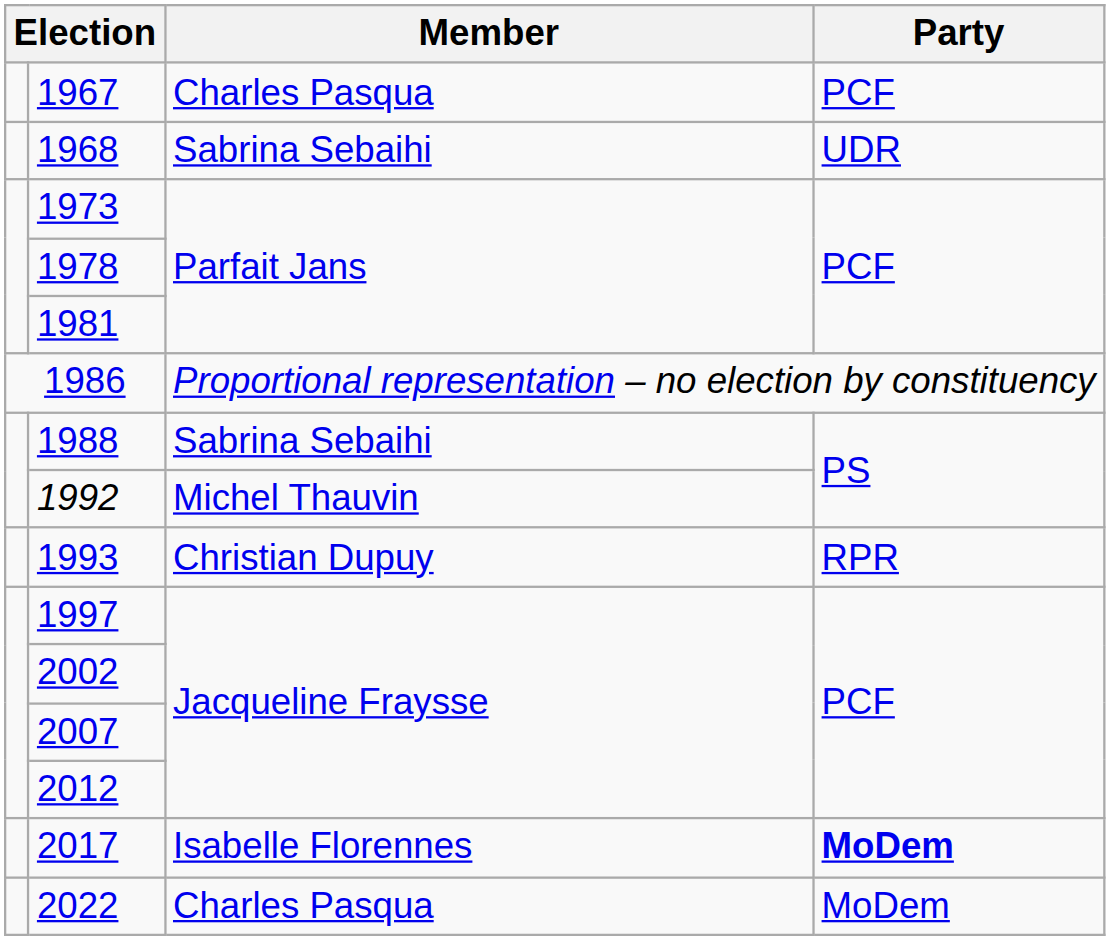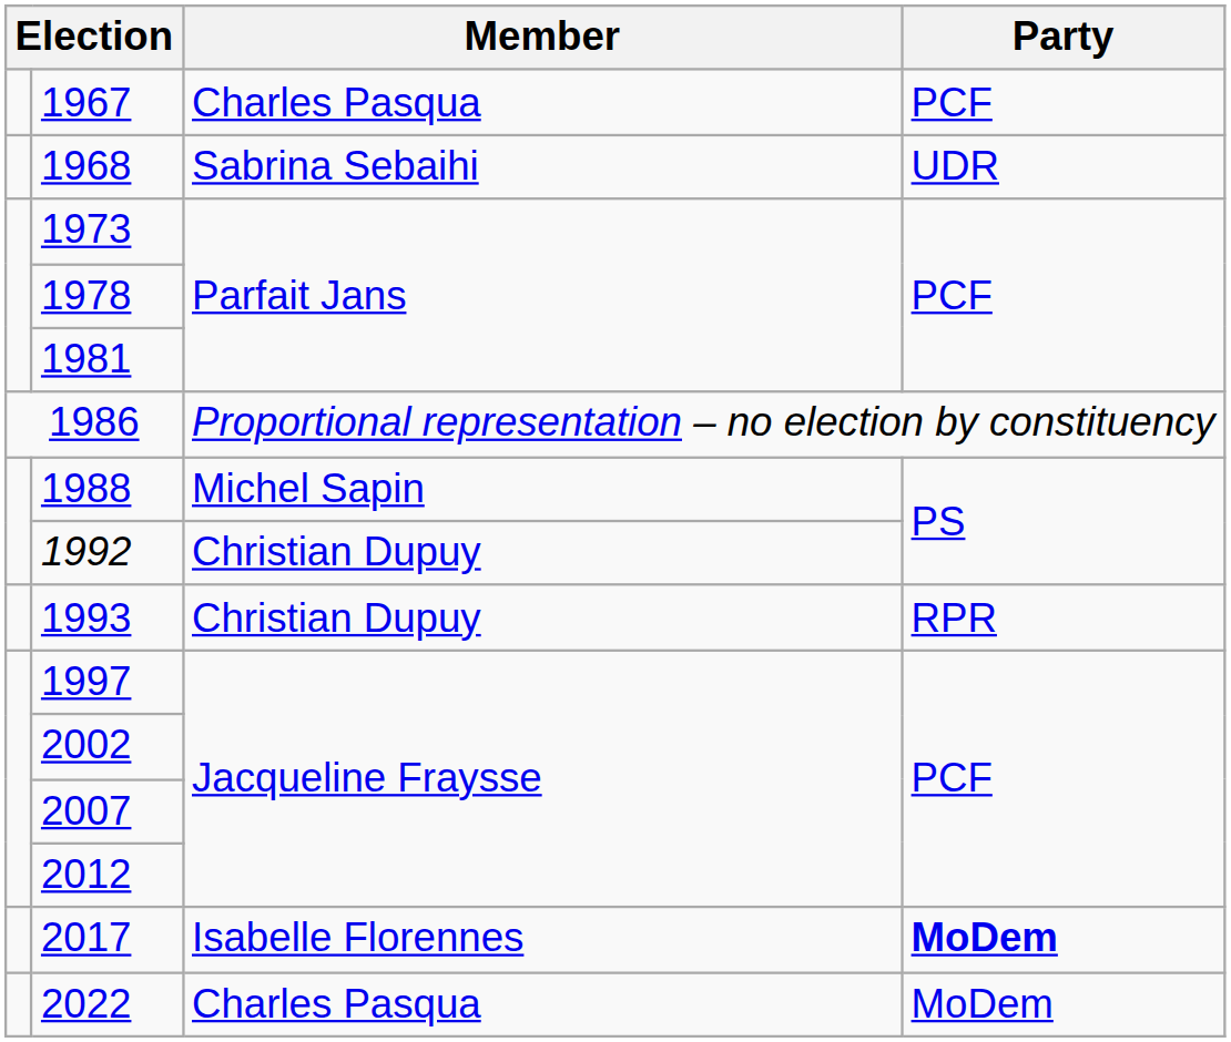 <table class="wikitable">
 <tr>
 <th colspan="2">Election</th>
 <th>Member</th>
 <th>Party</th>
 </tr>
 <tr>
 <td style="color:inherit;background-color: "></td>
 <td><a href='#'>1967</a></td>
 <td><a href='#'>Charles Pasqua</a></td>
 <td><a href='#'>PCF</a></td>
 </tr>
 <tr>
 <td style="color:inherit;background-color: "></td>
 <td><a href='#'>1968</a></td>
 <td><a href='#'>Sabrina Sebaihi</a></td>
 <td><a href='#'>UDR</a></td>
 </tr>
 <tr>
 <td rowspan="3" style="color:inherit;background-color: "></td>
 <td><a href='#'>1973</a></td>
 <td rowspan="3"><a href='#'>Parfait Jans</a></td>
 <td rowspan="3"><a href='#'>PCF</a></td>
 </tr>
 <tr>
 <td><a href='#'>1978</a></td>
 </tr>
 <tr>
 <td><a href='#'>1981</a></td>
 </tr>
 <tr>
 <td colspan="2" align="center"><a href='#'>1986</a></td>
 <td colspan="2"><em><a href='#'>Proportional representation</a> – no election by constituency</em></td>
 </tr>
 <tr>
 <td rowspan="2" style="color:inherit;background-color: "></td>
 <td><a href='#'>1988</a></td>
-<td><a href='#'>Sabrina Sebaihi</a></td>
+<td><a href='#'>Michel Sapin</a></td>
 <td rowspan="2"><a href='#'>PS</a></td>
 </tr>
 <tr>
 <td><em>1992</em></td>
-<td><a href='#'>Michel Thauvin</a></td>
+<td><a href='#'>Christian Dupuy</a></td>
 </tr>
 <tr>
 <td style="color:inherit;background-color: "></td>
 <td><a href='#'>1993</a></td>
 <td><a href='#'>Christian Dupuy</a></td>
 <td><a href='#'>RPR</a></td>
 </tr>
 <tr>
 <td rowspan="4" style="color:inherit;background-color: "></td>
 <td><a href='#'>1997</a></td>
 <td rowspan="4"><a href='#'>Jacqueline Fraysse</a></td>
 <td rowspan="4"><a href='#'>PCF</a></td>
 </tr>
 <tr>
 <td><a href='#'>2002</a></td>
 </tr>
 <tr>
 <td><a href='#'>2007</a></td>
 </tr>
 <tr>
 <td><a href='#'>2012</a></td>
 </tr>
 <tr>
 <td style="color:inherit;background-color: "></td>
 <td><a href='#'>2017</a></td>
 <td><a href='#'>Isabelle Florennes</a></td>
 <td><strong><a href='#'>MoDem</a></strong></td>
 </tr>
 <tr>
 <td style="color:inherit;background-color: "></td>
 <td><a href='#'>2022</a></td>
 <td><a href='#'>Charles Pasqua</a></td>
 <td><a href='#'>MoDem</a></td>
 </tr>
 </table>
